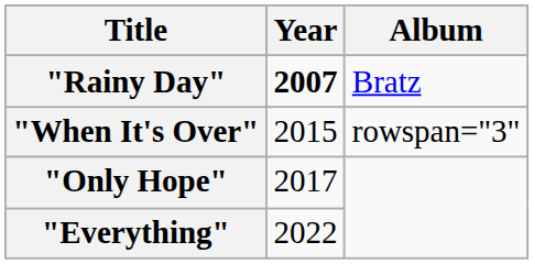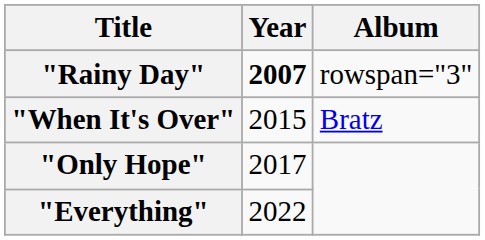 <table class="wikitable plainrowheaders">
 <tr>
 <th>Title</th>
 <th>Year</th>
 <th>Album</th>
 </tr>
 <tr>
 <th scope="row">"Rainy Day"</th>
 <td><strong>2007</strong></td>
-<td><a href='#'>Bratz</a></td>
+<td>rowspan="3" </td>
 </tr>
 <tr>
 <th scope="row">"When It's Over"</th>
 <td>2015</td>
-<td>rowspan="3" </td>
+<td><a href='#'>Bratz</a></td>
 </tr>
 <tr>
 <th scope="row">"Only Hope"</th>
 <td>2017</td>
 </tr>
 <tr>
 <th scope="row">"Everything"</th>
 <td>2022</td>
 </tr>
 </table>
